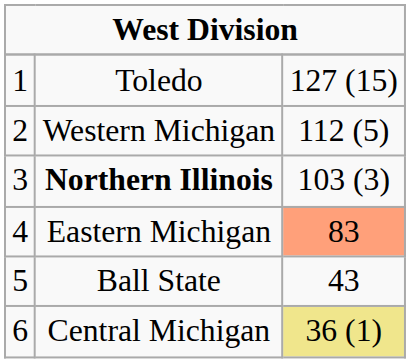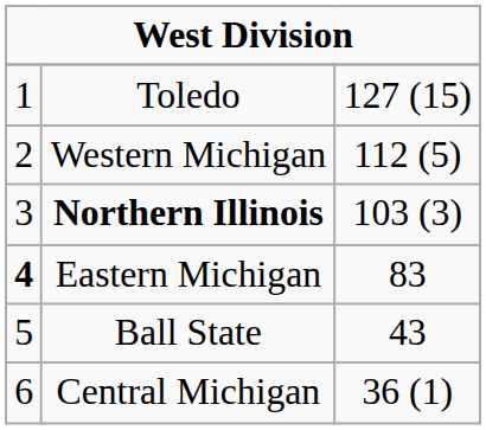 <table class="wikitable">
 <tr align="center">
 <td align="center" Colspan="3"><strong>West Division</strong></td>
 </tr>
 <tr align="center">
 </tr>
 <tr align="center">
 <td>1</td>
 <td>Toledo</td>
 <td>127 (15)</td>
 </tr>
 <tr align="center">
 <td>2</td>
 <td>Western Michigan</td>
 <td>112 (5)</td>
 </tr>
 <tr align="center">
 <td>3</td>
 <td><strong>Northern Illinois</strong></td>
 <td>103 (3)</td>
 </tr>
 <tr align="center">
-<td>4</td>
+<td><strong>4</strong></td>
 <td>Eastern Michigan</td>
-<td style="background: lightsalmon;">83</td>
+<td>83</td>
 </tr>
 <tr align="center">
 <td>5</td>
 <td>Ball State</td>
 <td>43</td>
 </tr>
 <tr align="center">
 <td>6</td>
 <td>Central Michigan</td>
-<td style="background: khaki;">36 (1)</td>
+<td>36 (1)</td>
 </tr>
 </table>
